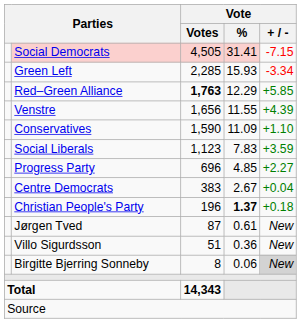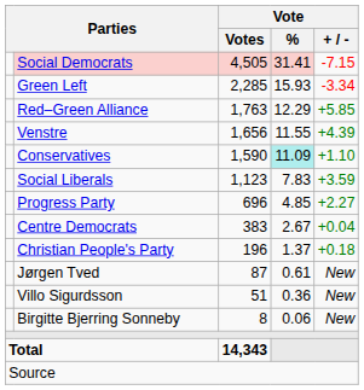 <table class="wikitable" style="text-align:right;">
 <tr>
 <th style="text-align:centre;" rowspan="2" colspan="2" width="225">Parties</th>
 <th colspan="3">Vote</th>
 </tr>
 <tr>
 <th width="15">Votes</th>
 <th width="15">%</th>
 <th width="15">+ / -</th>
 </tr>
 <tr>
 <td width="2" style="color:inherit;background:"></td>
 <td bgcolor=#fbd0ce  align="left"><a href='#'>Social Democrats</a></td>
 <td bgcolor=#fbd0ce>4,505</td>
 <td bgcolor=#fbd0ce>31.41</td>
 <td style=color:red;>-7.15</td>
 </tr>
 <tr>
 <td width="2" style="color:inherit;background:"></td>
 <td align="left"><a href='#'>Green Left</a></td>
 <td>2,285</td>
 <td>15.93</td>
 <td style=color:red;>-3.34</td>
 </tr>
 <tr>
 <td width="2" style="color:inherit;background:"></td>
 <td align="left"><a href='#'>Red–Green Alliance</a></td>
-<td><strong>1,763</strong></td>
+<td>1,763</td>
 <td>12.29</td>
 <td style=color:green;>+5.85</td>
 </tr>
 <tr>
 <td width="2" style="color:inherit;background:"></td>
 <td align="left"><a href='#'>Venstre</a></td>
 <td>1,656</td>
 <td>11.55</td>
 <td style=color:green;>+4.39</td>
 </tr>
 <tr>
 <td width="2" style="color:inherit;background:"></td>
 <td align="left"><a href='#'>Conservatives</a></td>
 <td>1,590</td>
-<td>11.09</td>
+<td style="background: paleturquoise;">11.09</td>
 <td style=color:green;>+1.10</td>
 </tr>
 <tr>
 <td width="2" style="color:inherit;background:"></td>
 <td align="left"><a href='#'>Social Liberals</a></td>
 <td>1,123</td>
 <td>7.83</td>
 <td style=color:green;>+3.59</td>
 </tr>
 <tr>
 <td width="2" style="color:inherit;background:"></td>
 <td align="left"><a href='#'>Progress Party</a></td>
 <td>696</td>
 <td>4.85</td>
 <td style=color:green;>+2.27</td>
 </tr>
 <tr>
 <td width="2" style="color:inherit;background:"></td>
 <td align="left"><a href='#'>Centre Democrats</a></td>
 <td>383</td>
 <td>2.67</td>
 <td style=color:green;>+0.04</td>
 </tr>
 <tr>
 <td width="2" style="color:inherit;background:"></td>
 <td align="left"><a href='#'>Christian People's Party</a></td>
 <td>196</td>
-<td><strong>1.37</strong></td>
+<td>1.37</td>
 <td style=color:green;>+0.18</td>
 </tr>
 <tr>
 <td width="2" style="color:inherit;background:"></td>
 <td align="left">Jørgen Tved</td>
 <td>87</td>
 <td>0.61</td>
 <td><em>New</em></td>
 </tr>
 <tr>
 <td width="2" style="color:inherit;background:"></td>
 <td align="left">Villo Sigurdsson</td>
 <td>51</td>
 <td>0.36</td>
 <td><em>New</em></td>
 </tr>
 <tr>
 <td width="2" style="color:inherit;background:"></td>
 <td align="left">Birgitte Bjerring Sonneby</td>
 <td>8</td>
 <td>0.06</td>
-<td style="background: lightgrey;"><em>New</em></td>
+<td><em>New</em></td>
 </tr>
 <tr>
 <td colspan="7" bgcolor="#E9E9E9"></td>
 </tr>
 <tr>
 <td align="left" colspan="2"><strong>Total</strong></td>
 <td><strong>14,343</strong></td>
 <td bgcolor="#E9E9E9" colspan="2"></td>
 </tr>
 <tr>
 <td align="left" colspan="6">Source</td>
 </tr>
 </table>
